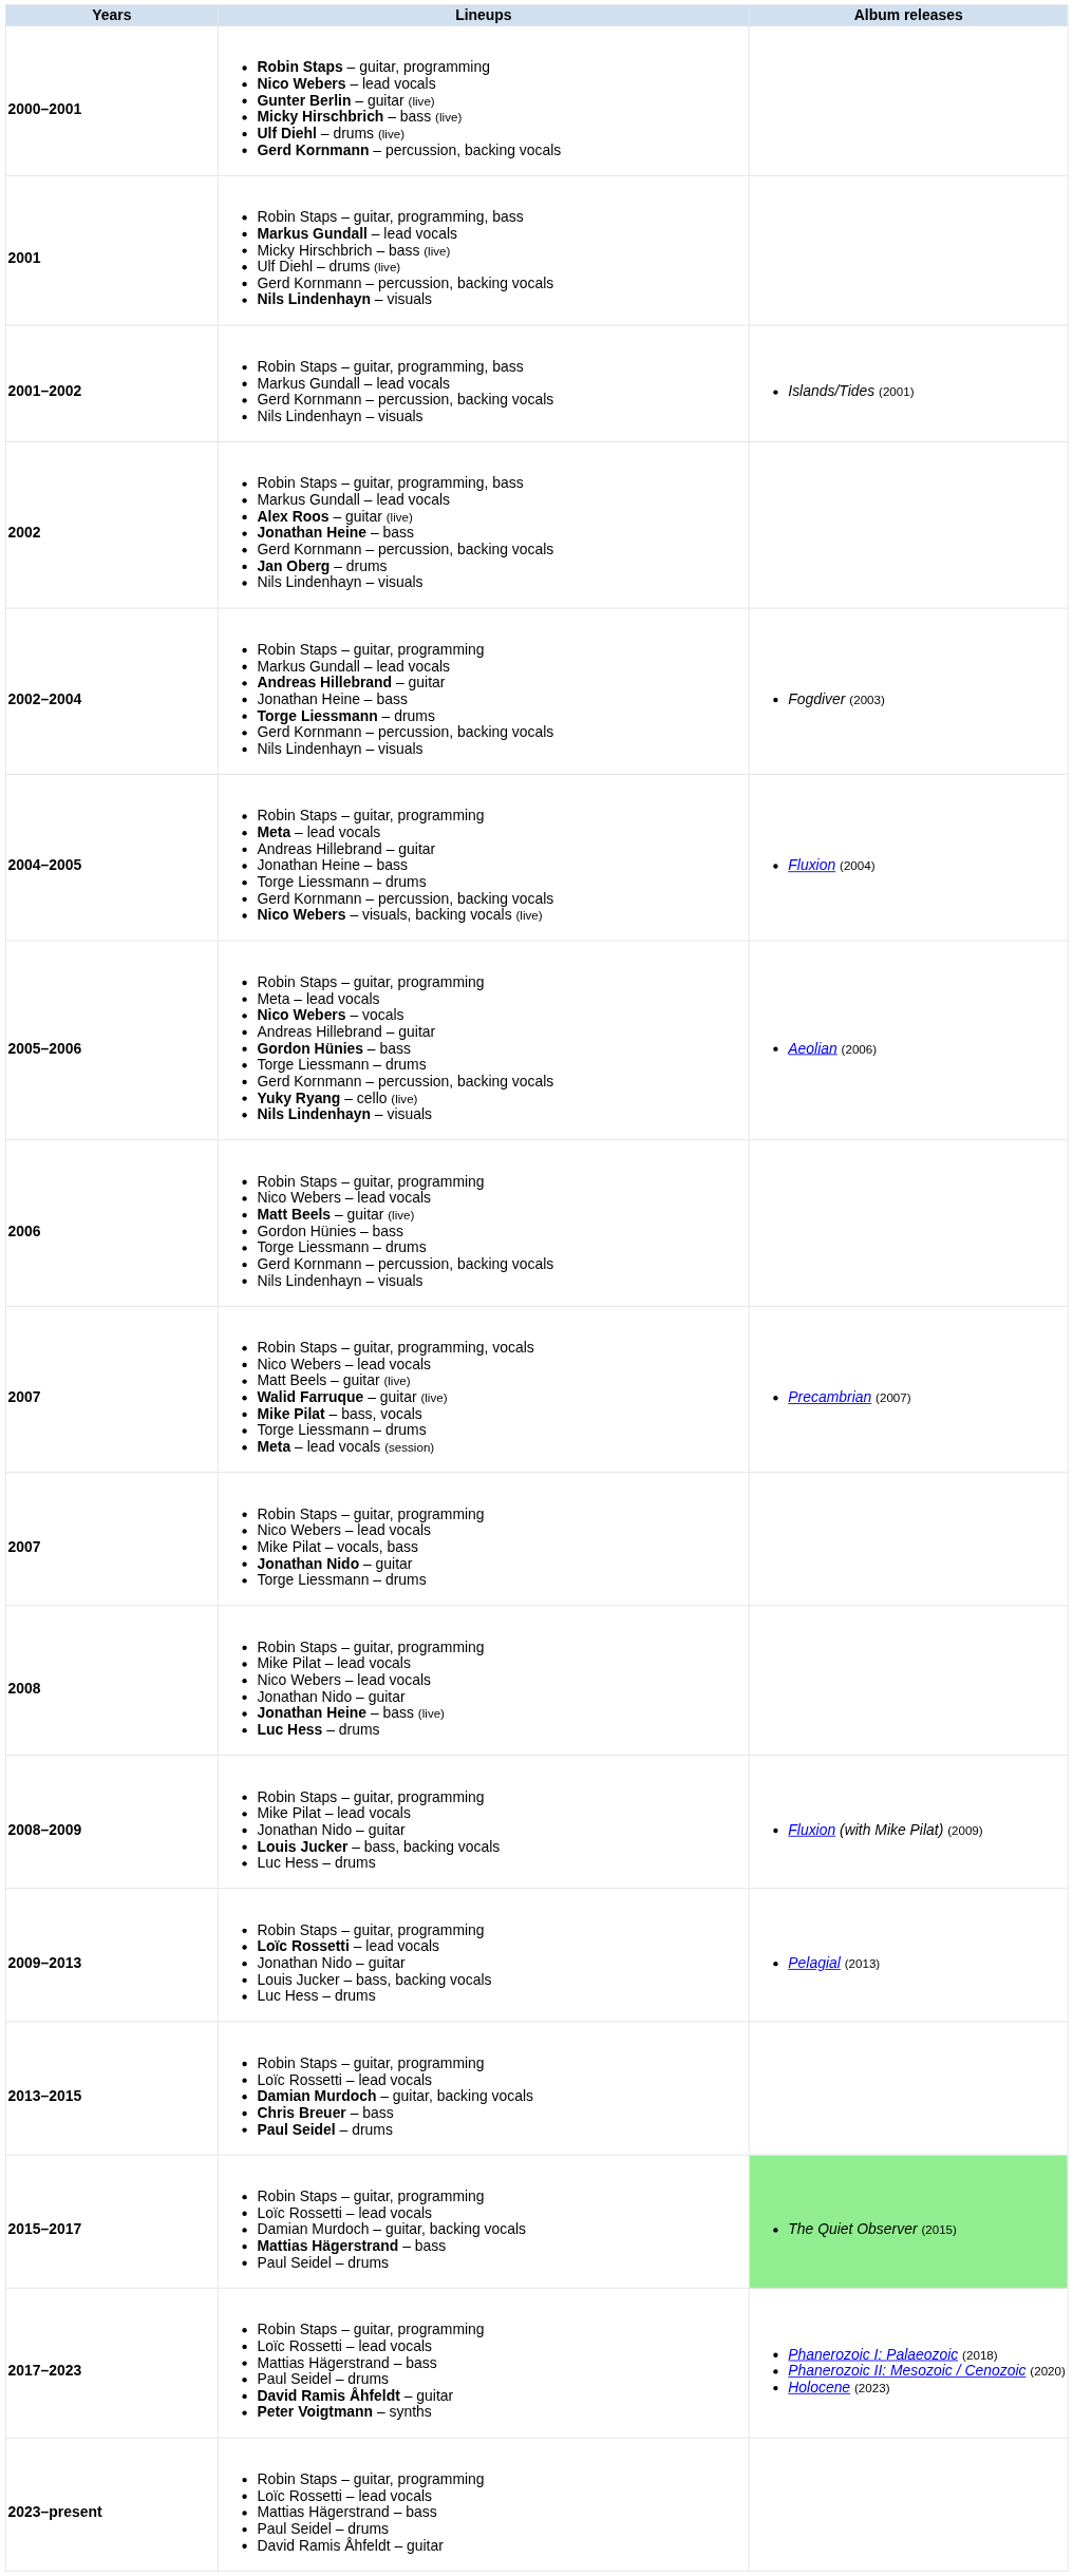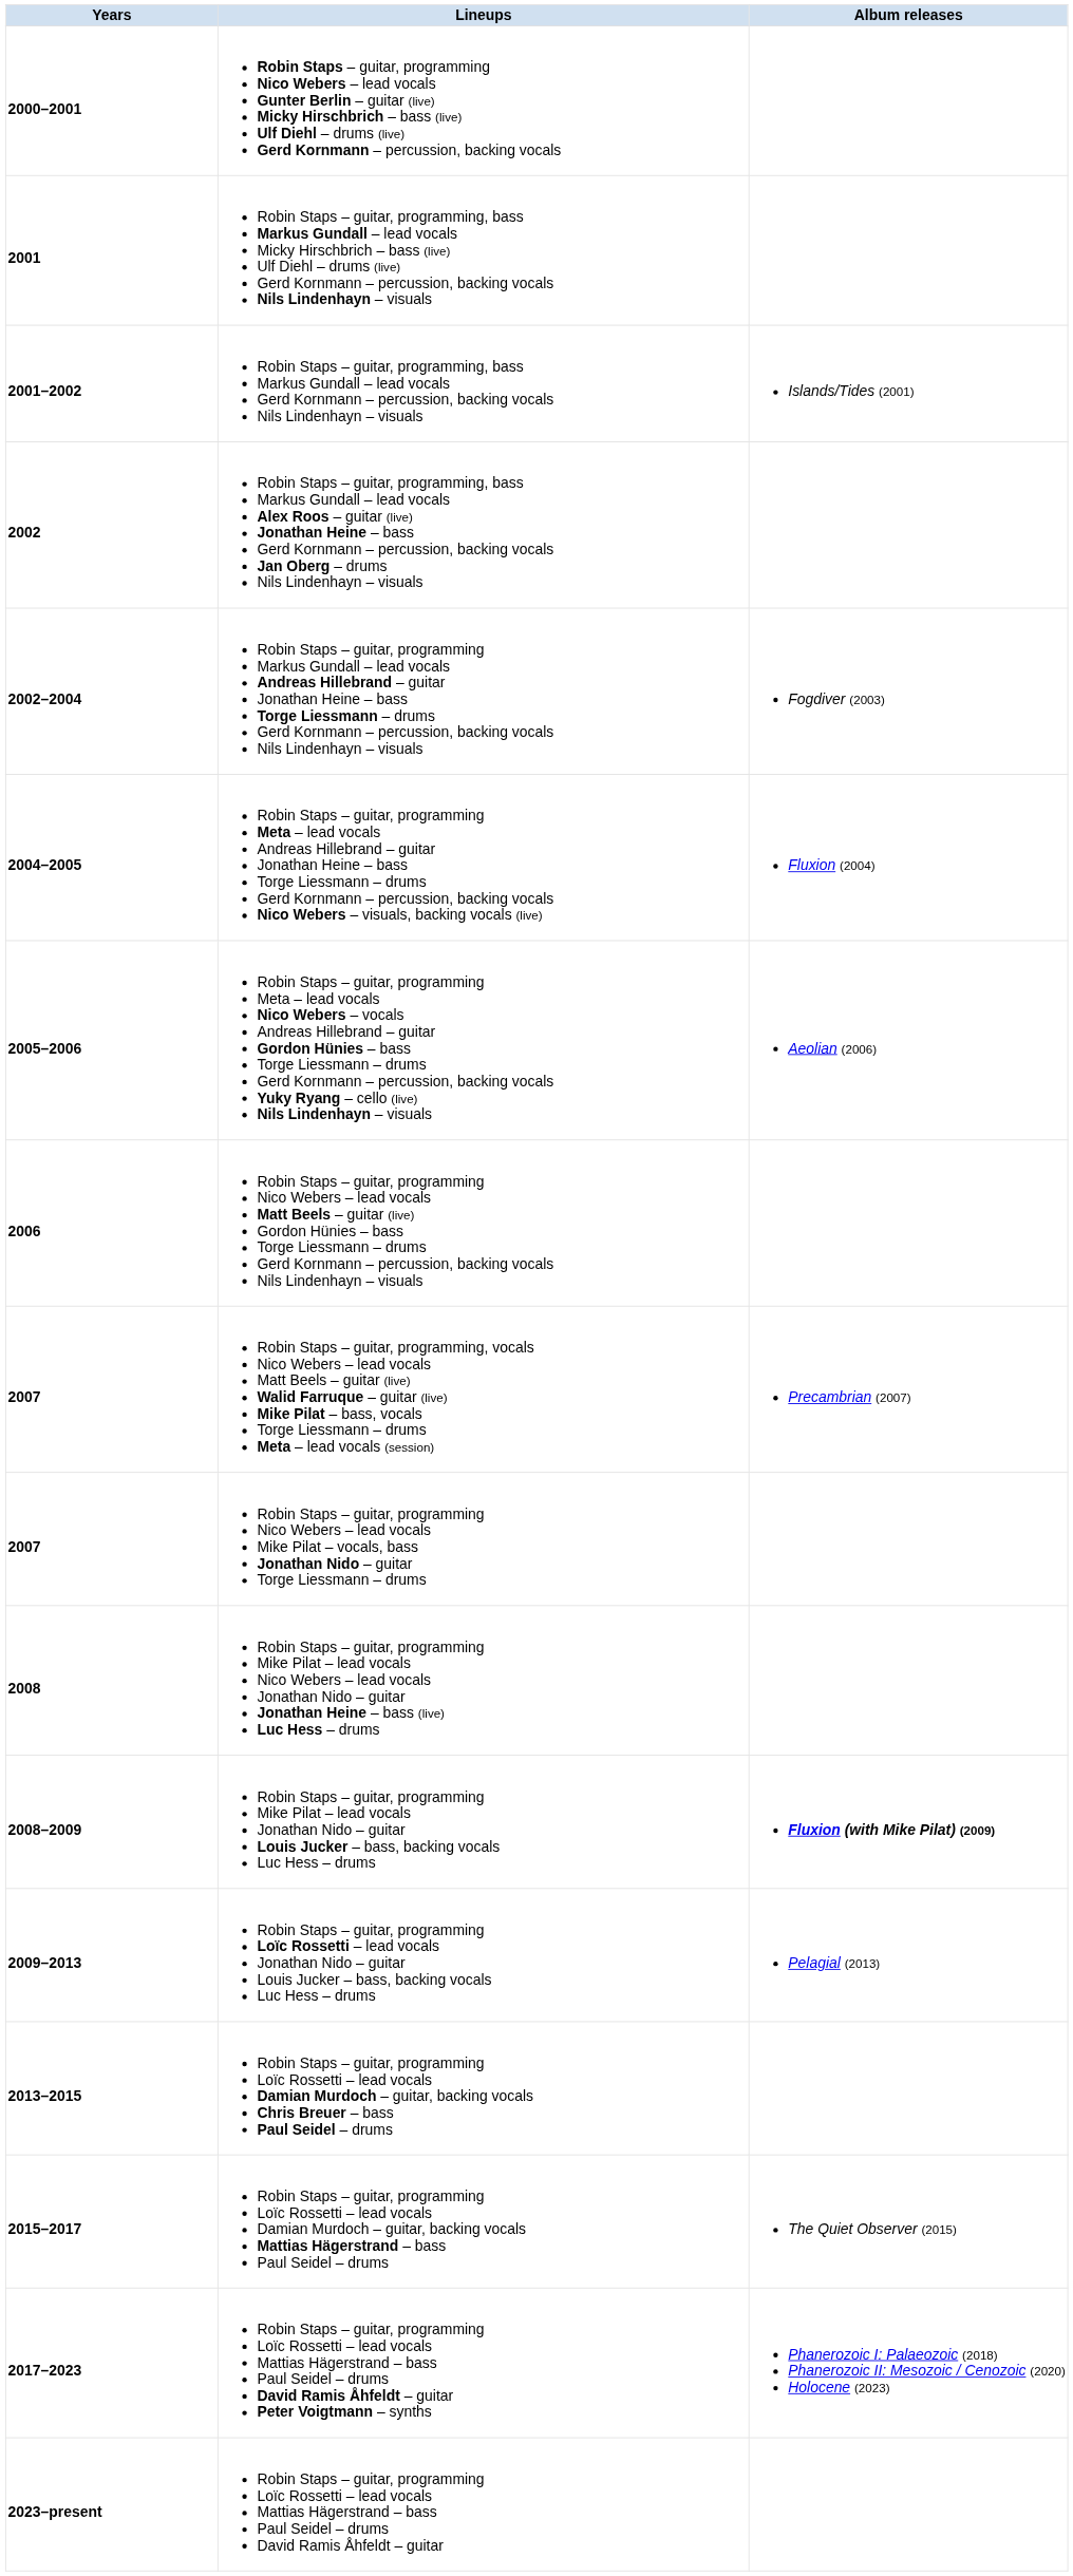 <table class="toccolours" color=#000000 border=1 cellpadding=2 cellspacing=0 style="margin: 0 0 1em 1em; border-collapse: collapse; border: 1px solid #E2E2E2;">
 <tr>
 <th bgcolor="#D0E0F0" width=20%>Years</th>
 <th bgcolor="#D0E0F0" width=50%>Lineups</th>
 <th bgcolor="#D0E0F0" width=30%>Album releases</th>
 </tr>
 <tr>
 <td><br><strong>2000–2001</strong></td>
 <td><br><ul><li><strong>Robin Staps</strong> – guitar, programming</li><li><strong>Nico Webers</strong> – lead vocals</li><li><strong>Gunter Berlin</strong> – guitar <small>(live)</small></li><li><strong>Micky Hirschbrich</strong> – bass <small>(live)</small></li><li><strong>Ulf Diehl</strong> – drums <small>(live)</small></li><li><strong>Gerd Kornmann</strong> – percussion, backing vocals</li></ul></td>
 <td></td>
 </tr>
 <tr>
 <td><br><strong>2001</strong></td>
 <td><br><ul><li>Robin Staps – guitar, programming, bass</li><li><strong>Markus Gundall</strong> – lead vocals</li><li>Micky Hirschbrich – bass <small>(live)</small></li><li>Ulf Diehl – drums <small>(live)</small></li><li>Gerd Kornmann – percussion, backing vocals</li><li><strong>Nils Lindenhayn</strong> – visuals</li></ul></td>
 <td></td>
 </tr>
 <tr>
 <td><br><strong>2001–2002</strong></td>
 <td><br><ul><li>Robin Staps – guitar, programming, bass</li><li>Markus Gundall – lead vocals</li><li>Gerd Kornmann – percussion, backing vocals</li><li>Nils Lindenhayn – visuals</li></ul></td>
 <td><br><ul><li><em>Islands/Tides</em> <small>(2001)</small></li></ul></td>
 </tr>
 <tr>
 <td><br><strong>2002</strong></td>
 <td><br><ul><li>Robin Staps – guitar, programming, bass</li><li>Markus Gundall – lead vocals</li><li><strong>Alex Roos</strong> – guitar <small>(live)</small></li><li><strong>Jonathan Heine</strong> – bass</li><li>Gerd Kornmann – percussion, backing vocals</li><li><strong>Jan Oberg</strong> – drums</li><li>Nils Lindenhayn – visuals</li></ul></td>
 <td></td>
 </tr>
 <tr>
 <td><br><strong>2002–2004</strong></td>
 <td><br><ul><li>Robin Staps – guitar, programming</li><li>Markus Gundall – lead vocals</li><li><strong>Andreas Hillebrand</strong> – guitar</li><li>Jonathan Heine – bass</li><li><strong>Torge Liessmann</strong> – drums</li><li>Gerd Kornmann – percussion, backing vocals</li><li>Nils Lindenhayn – visuals</li></ul></td>
 <td><br><ul><li><em>Fogdiver</em> <small>(2003)</small></li></ul></td>
 </tr>
 <tr>
 <td><br><strong>2004–2005</strong></td>
 <td><br><ul><li>Robin Staps – guitar, programming</li><li><strong>Meta</strong> – lead vocals</li><li>Andreas Hillebrand – guitar</li><li>Jonathan Heine – bass</li><li>Torge Liessmann – drums</li><li>Gerd Kornmann – percussion, backing vocals</li><li><strong>Nico Webers</strong> – visuals, backing vocals <small>(live)</small></li></ul></td>
 <td><br><ul><li><em><a href='#'>Fluxion</a></em> <small>(2004)</small></li></ul></td>
 </tr>
 <tr>
 <td><br><strong>2005–2006</strong></td>
 <td><br><ul><li>Robin Staps – guitar, programming</li><li>Meta – lead vocals</li><li><strong>Nico Webers</strong> – vocals</li><li>Andreas Hillebrand – guitar</li><li><strong>Gordon Hünies</strong> – bass</li><li>Torge Liessmann – drums</li><li>Gerd Kornmann – percussion, backing vocals</li><li><strong>Yuky Ryang</strong> – cello <small>(live)</small></li><li><strong>Nils Lindenhayn</strong> – visuals</li></ul></td>
 <td><br><ul><li><em><a href='#'>Aeolian</a></em> <small>(2006)</small></li></ul></td>
 </tr>
 <tr>
 <td><br><strong>2006</strong></td>
 <td><br><ul><li>Robin Staps – guitar, programming</li><li>Nico Webers – lead vocals</li><li><strong>Matt Beels</strong> – guitar <small>(live)</small></li><li>Gordon Hünies – bass</li><li>Torge Liessmann – drums</li><li>Gerd Kornmann – percussion, backing vocals</li><li>Nils Lindenhayn – visuals</li></ul></td>
 <td></td>
 </tr>
 <tr>
 <td><br><strong>2007</strong></td>
 <td><br><ul><li>Robin Staps – guitar, programming, vocals</li><li>Nico Webers – lead vocals</li><li>Matt Beels – guitar <small>(live)</small></li><li><strong>Walid Farruque</strong> – guitar <small>(live)</small></li><li><strong>Mike Pilat</strong> – bass, vocals</li><li>Torge Liessmann – drums</li><li><strong>Meta</strong> – lead vocals <small>(session)</small></li></ul></td>
 <td><br><ul><li><em><a href='#'>Precambrian</a></em> <small>(2007)</small></li></ul></td>
 </tr>
 <tr>
 <td><br><strong>2007</strong></td>
 <td><br><ul><li>Robin Staps – guitar, programming</li><li>Nico Webers – lead vocals</li><li>Mike Pilat – vocals, bass</li><li><strong>Jonathan Nido</strong> – guitar</li><li>Torge Liessmann – drums</li></ul></td>
 <td></td>
 </tr>
 <tr>
 <td><br><strong>2008</strong></td>
 <td><br><ul><li>Robin Staps – guitar, programming</li><li>Mike Pilat – lead vocals</li><li>Nico Webers – lead vocals</li><li>Jonathan Nido – guitar</li><li><strong>Jonathan Heine</strong> – bass <small>(live)</small></li><li><strong>Luc Hess</strong> – drums</li></ul></td>
 <td></td>
 </tr>
 <tr>
 <td><br><strong>2008–2009</strong></td>
 <td><br><ul><li>Robin Staps – guitar, programming</li><li>Mike Pilat – lead vocals</li><li>Jonathan Nido – guitar</li><li><strong>Louis Jucker</strong> – bass, backing vocals</li><li>Luc Hess – drums</li></ul></td>
-<td><br><ul><li><em><a href='#'>Fluxion</a> (with Mike Pilat)</em> <small>(2009)</small></li></ul></td>
+<td><strong><br><ul><li><em><a href='#'>Fluxion</a> (with Mike Pilat)</em> <small>(2009)</small></li></ul></strong></td>
 </tr>
 <tr>
 <td><br><strong>2009–2013</strong></td>
 <td><br><ul><li>Robin Staps – guitar, programming</li><li><strong>Loïc Rossetti</strong> – lead vocals</li><li>Jonathan Nido – guitar</li><li>Louis Jucker – bass, backing vocals</li><li>Luc Hess – drums</li></ul></td>
 <td><br><ul><li><em><a href='#'>Pelagial</a></em> <small>(2013)</small></li></ul></td>
 </tr>
 <tr>
 <td><br><strong>2013–2015</strong></td>
 <td><br><ul><li>Robin Staps – guitar, programming</li><li>Loïc Rossetti – lead vocals</li><li><strong>Damian Murdoch</strong> – guitar, backing vocals</li><li><strong>Chris Breuer</strong> – bass</li><li><strong>Paul Seidel</strong> – drums</li></ul></td>
 </tr>
 <tr>
 <td><br><strong>2015–2017</strong></td>
 <td><br><ul><li>Robin Staps – guitar, programming</li><li>Loïc Rossetti – lead vocals</li><li>Damian Murdoch – guitar, backing vocals</li><li><strong>Mattias Hägerstrand</strong> – bass</li><li>Paul Seidel – drums</li></ul></td>
-<td style="background: lightgreen;"><br><ul><li><em>The Quiet Observer</em> <small>(2015)</small></li></ul></td>
+<td><br><ul><li><em>The Quiet Observer</em> <small>(2015)</small></li></ul></td>
 </tr>
 <tr>
 <td><br><strong>2017–2023</strong></td>
 <td><br><ul><li>Robin Staps – guitar, programming</li><li>Loïc Rossetti – lead vocals</li><li>Mattias Hägerstrand – bass</li><li>Paul Seidel – drums</li><li><strong>David Ramis Åhfeldt</strong> – guitar</li><li><strong>Peter Voigtmann</strong> – synths</li></ul></td>
 <td><br><ul><li><em><a href='#'>Phanerozoic I: Palaeozoic</a></em> <small>(2018)</small></li><li><em><a href='#'>Phanerozoic II: Mesozoic / Cenozoic</a></em> <small>(2020)</small></li><li><em><a href='#'>Holocene</a></em> <small>(2023)</small></li></ul></td>
 </tr>
 <tr>
 <td><br><strong>2023–present</strong></td>
 <td><br><ul><li>Robin Staps – guitar, programming</li><li>Loïc Rossetti – lead vocals</li><li>Mattias Hägerstrand – bass</li><li>Paul Seidel – drums</li><li>David Ramis Åhfeldt – guitar</li></ul></td>
 <td></td>
 </tr>
 </table>
